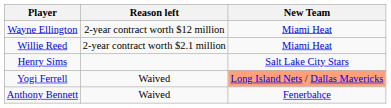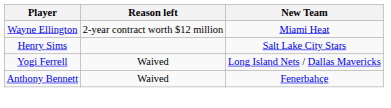 <table class="wikitable sortable sortable" style="text-align: center">
 <tr>
 <th>Player</th>
 <th>Reason left</th>
 <th>New Team</th>
 </tr>
 <tr style="text-align: center">
 <td><a href='#'>Wayne Ellington</a></td>
 <td>2-year contract worth $12 million</td>
 <td><a href='#'>Miami Heat</a></td>
 </tr>
 <tr style="text-align: center">
-<td><a href='#'>Willie Reed</a></td>
-<td>2-year contract worth $2.1 million</td>
-<td><a href='#'>Miami Heat</a></td>
-</tr>
-<tr style="text-align: center">
 <td><a href='#'>Henry Sims</a></td>
 <td></td>
 <td><a href='#'>Salt Lake City Stars</a></td>
 </tr>
 <tr style="text-align: center">
 <td><a href='#'>Yogi Ferrell</a></td>
 <td>Waived</td>
-<td style="background: lightsalmon;"><a href='#'>Long Island Nets</a> / <a href='#'>Dallas Mavericks</a></td>
+<td><a href='#'>Long Island Nets</a> / <a href='#'>Dallas Mavericks</a></td>
 </tr>
 <tr>
 <td><a href='#'>Anthony Bennett</a></td>
 <td>Waived</td>
 <td> <a href='#'><span>Fenerbahçe</span></a></td>
 </tr>
 </table>
